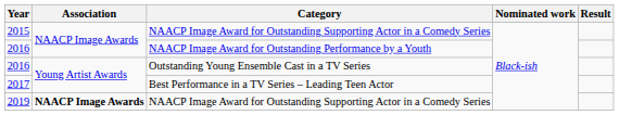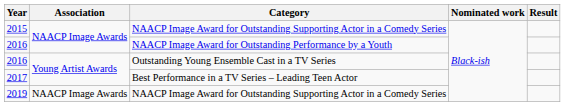 <table class="wikitable sortable">
 <tr>
 <th>Year</th>
 <th>Association</th>
 <th>Category</th>
 <th>Nominated work</th>
 <th>Result</th>
 </tr>
 <tr>
 <td><a href='#'>2015</a></td>
 <td rowspan="2"><a href='#'>NAACP Image Awards</a></td>
 <td><a href='#'>NAACP Image Award for Outstanding Supporting Actor in a Comedy Series</a></td>
 <td rowspan="5"><em><a href='#'>Black-ish</a></em></td>
 <td></td>
 </tr>
 <tr>
 <td><a href='#'>2016</a></td>
 <td><a href='#'>NAACP Image Award for Outstanding Performance by a Youth</a></td>
 <td></td>
 </tr>
 <tr>
 <td><a href='#'>2016</a></td>
 <td rowspan="2"><a href='#'>Young Artist Awards</a></td>
 <td>Outstanding Young Ensemble Cast in a TV Series</td>
 <td></td>
 </tr>
 <tr>
 <td><a href='#'>2017</a></td>
 <td>Best Performance in a TV Series – Leading Teen Actor</td>
 <td></td>
 </tr>
 <tr>
 <td><a href='#'>2019</a></td>
-<td><strong>NAACP Image Awards</strong></td>
+<td>NAACP Image Awards</td>
 <td>NAACP Image Award for Outstanding Supporting Actor in a Comedy Series</td>
 <td></td>
 </tr>
 </table>
